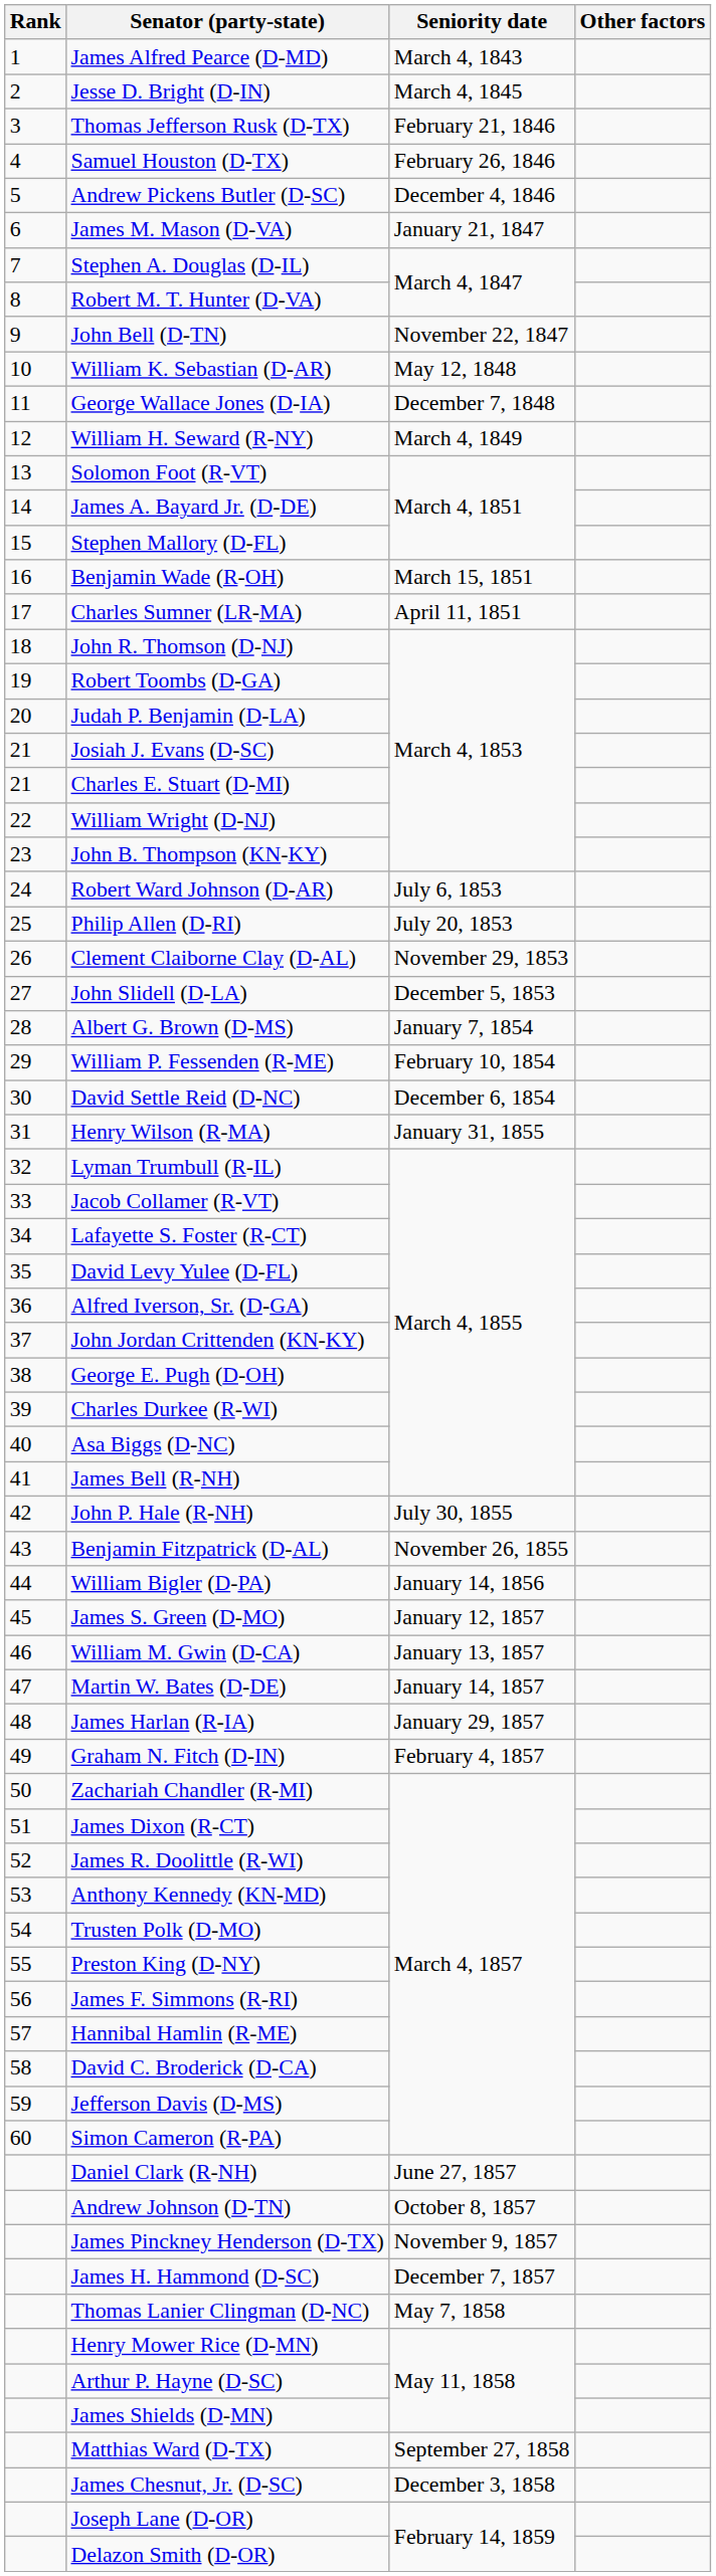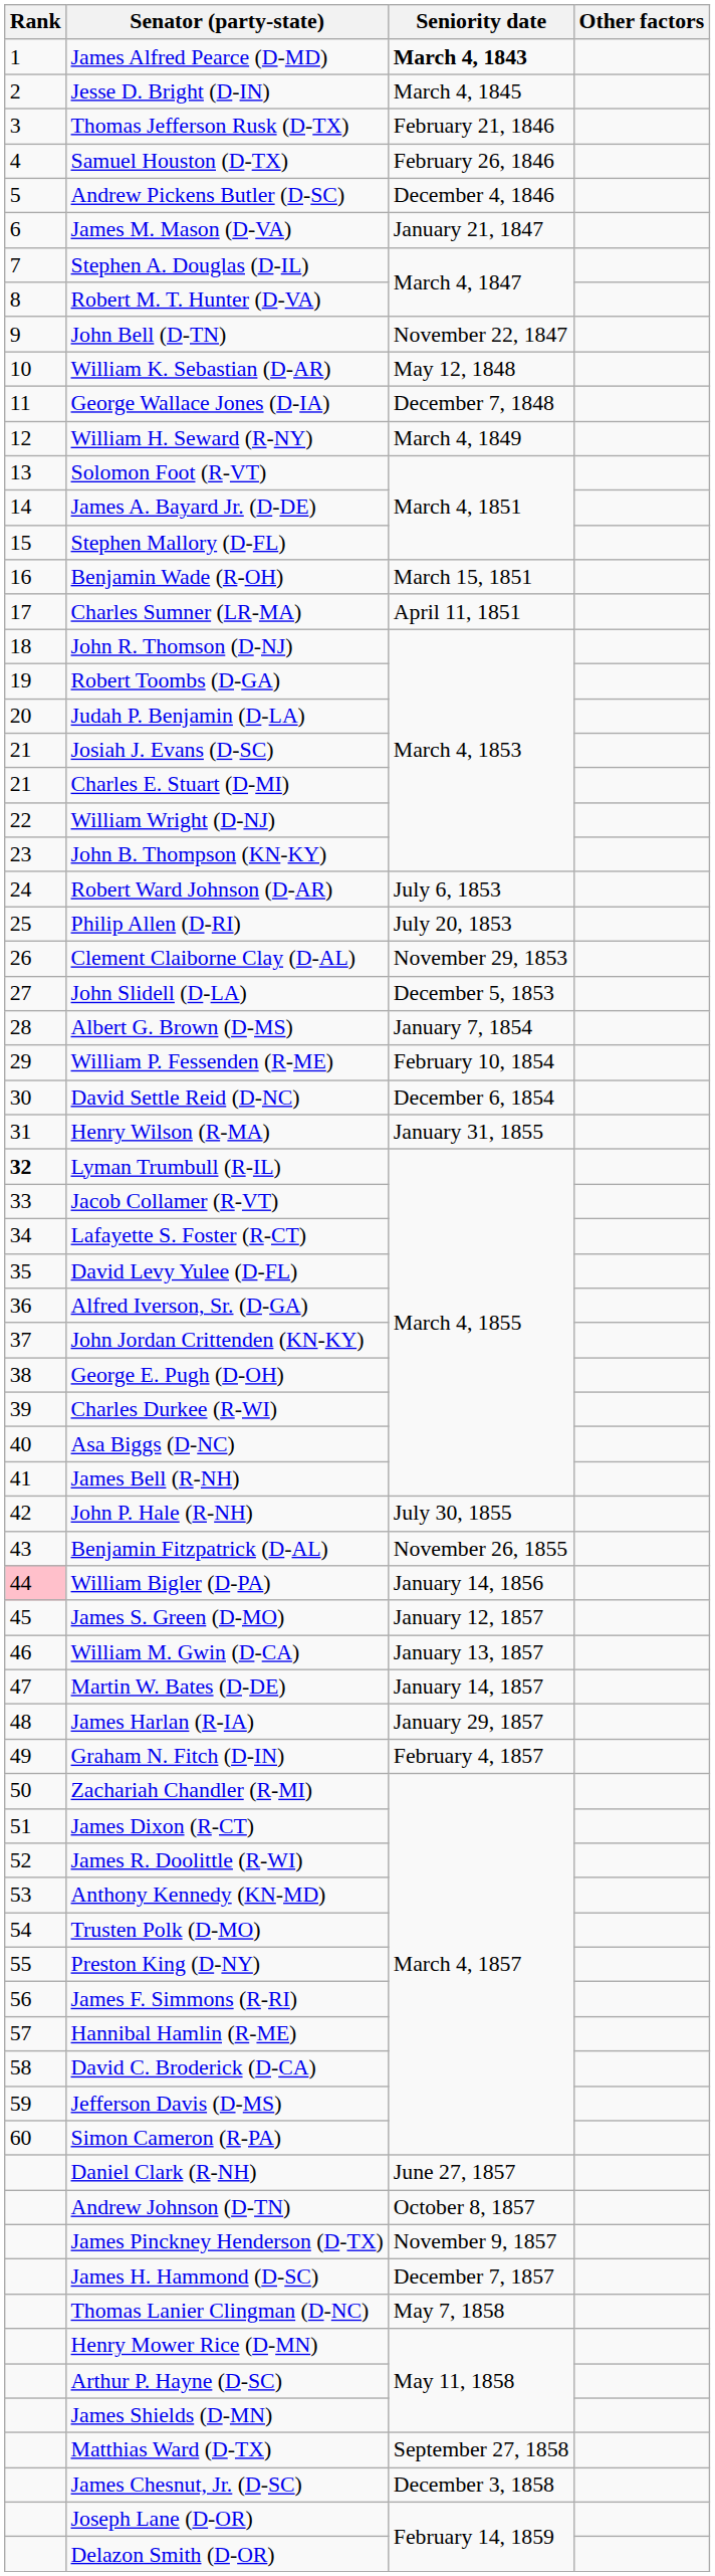 <table class=wikitable>
 <tr valign=bottom>
 <th>Rank</th>
 <th>Senator (party-state)</th>
 <th>Seniority date</th>
 <th>Other factors</th>
 </tr>
 <tr>
 <td>1</td>
 <td><a href='#'>James Alfred Pearce</a> (<a href='#'>D</a>-<a href='#'>MD</a>)</td>
-<td>March 4, 1843</td>
+<td><strong>March 4, 1843</strong></td>
 <td></td>
 </tr>
 <tr>
 <td>2</td>
 <td><a href='#'>Jesse D. Bright</a> (<a href='#'>D</a>-<a href='#'>IN</a>)</td>
 <td>March 4, 1845</td>
 <td></td>
 </tr>
 <tr>
 <td>3</td>
 <td><a href='#'>Thomas Jefferson Rusk</a> (<a href='#'>D</a>-<a href='#'>TX</a>)</td>
 <td>February 21, 1846</td>
 <td></td>
 </tr>
 <tr>
 <td>4</td>
 <td><a href='#'>Samuel Houston</a> (<a href='#'>D</a>-<a href='#'>TX</a>)</td>
 <td>February 26, 1846</td>
 <td></td>
 </tr>
 <tr>
 <td>5</td>
 <td><a href='#'>Andrew Pickens Butler</a> (<a href='#'>D</a>-<a href='#'>SC</a>)</td>
 <td>December 4, 1846</td>
 <td></td>
 </tr>
 <tr>
 <td>6</td>
 <td><a href='#'>James M. Mason</a> (<a href='#'>D</a>-<a href='#'>VA</a>)</td>
 <td>January 21, 1847</td>
 <td></td>
 </tr>
 <tr>
 <td>7</td>
 <td><a href='#'>Stephen A. Douglas</a> (<a href='#'>D</a>-<a href='#'>IL</a>)</td>
 <td rowspan=2>March 4, 1847</td>
 <td></td>
 </tr>
 <tr>
 <td>8</td>
 <td><a href='#'>Robert M. T. Hunter</a> (<a href='#'>D</a>-<a href='#'>VA</a>)</td>
 <td></td>
 </tr>
 <tr>
 <td>9</td>
 <td><a href='#'>John Bell</a> (<a href='#'>D</a>-<a href='#'>TN</a>)</td>
 <td>November 22, 1847</td>
 <td></td>
 </tr>
 <tr>
 <td>10</td>
 <td><a href='#'>William K. Sebastian</a> (<a href='#'>D</a>-<a href='#'>AR</a>)</td>
 <td>May 12, 1848</td>
 <td></td>
 </tr>
 <tr>
 <td>11</td>
 <td><a href='#'>George Wallace Jones</a> (<a href='#'>D</a>-<a href='#'>IA</a>)</td>
 <td>December 7, 1848</td>
 <td></td>
 </tr>
 <tr>
 <td>12</td>
 <td><a href='#'>William H. Seward</a> (<a href='#'>R</a>-<a href='#'>NY</a>)</td>
 <td>March 4, 1849</td>
 <td></td>
 </tr>
 <tr>
 <td>13</td>
 <td><a href='#'>Solomon Foot</a> (<a href='#'>R</a>-<a href='#'>VT</a>)</td>
 <td rowspan=3>March 4, 1851</td>
 <td></td>
 </tr>
 <tr>
 <td>14</td>
 <td><a href='#'>James A. Bayard Jr.</a> (<a href='#'>D</a>-<a href='#'>DE</a>)</td>
 <td></td>
 </tr>
 <tr>
 <td>15</td>
 <td><a href='#'>Stephen Mallory</a> (<a href='#'>D</a>-<a href='#'>FL</a>)</td>
 <td></td>
 </tr>
 <tr>
 <td>16</td>
 <td><a href='#'>Benjamin Wade</a> (<a href='#'>R</a>-<a href='#'>OH</a>)</td>
 <td>March 15, 1851</td>
 <td></td>
 </tr>
 <tr>
 <td>17</td>
 <td><a href='#'>Charles Sumner</a> (<a href='#'>LR</a>-<a href='#'>MA</a>)</td>
 <td>April 11, 1851</td>
 <td></td>
 </tr>
 <tr>
 <td>18</td>
 <td><a href='#'>John R. Thomson</a> (<a href='#'>D</a>-<a href='#'>NJ</a>)</td>
 <td rowspan=7>March 4, 1853</td>
 <td></td>
 </tr>
 <tr>
 <td>19</td>
 <td><a href='#'>Robert Toombs</a> (<a href='#'>D</a>-<a href='#'>GA</a>)</td>
 <td></td>
 </tr>
 <tr>
 <td>20</td>
 <td><a href='#'>Judah P. Benjamin</a> (<a href='#'>D</a>-<a href='#'>LA</a>)</td>
 <td></td>
 </tr>
 <tr>
 <td>21</td>
 <td><a href='#'>Josiah J. Evans</a> (<a href='#'>D</a>-<a href='#'>SC</a>)</td>
 <td></td>
 </tr>
 <tr>
 <td>21</td>
 <td><a href='#'>Charles E. Stuart</a> (<a href='#'>D</a>-<a href='#'>MI</a>)</td>
 <td></td>
 </tr>
 <tr>
 <td>22</td>
 <td><a href='#'>William Wright</a> (<a href='#'>D</a>-<a href='#'>NJ</a>)</td>
 <td></td>
 </tr>
 <tr>
 <td>23</td>
 <td><a href='#'>John B. Thompson</a> (<a href='#'>KN</a>-<a href='#'>KY</a>)</td>
 <td></td>
 </tr>
 <tr>
 <td>24</td>
 <td><a href='#'>Robert Ward Johnson</a> (<a href='#'>D</a>-<a href='#'>AR</a>)</td>
 <td>July 6, 1853</td>
 <td></td>
 </tr>
 <tr>
 <td>25</td>
 <td><a href='#'>Philip Allen</a> (<a href='#'>D</a>-<a href='#'>RI</a>)</td>
 <td>July 20, 1853</td>
 <td></td>
 </tr>
 <tr>
 <td>26</td>
 <td><a href='#'>Clement Claiborne Clay</a> (<a href='#'>D</a>-<a href='#'>AL</a>)</td>
 <td>November 29, 1853</td>
 <td></td>
 </tr>
 <tr>
 <td>27</td>
 <td><a href='#'>John Slidell</a> (<a href='#'>D</a>-<a href='#'>LA</a>)</td>
 <td>December 5, 1853</td>
 <td></td>
 </tr>
 <tr>
 <td>28</td>
 <td><a href='#'>Albert G. Brown</a> (<a href='#'>D</a>-<a href='#'>MS</a>)</td>
 <td>January 7, 1854</td>
 <td></td>
 </tr>
 <tr>
 <td>29</td>
 <td><a href='#'>William P. Fessenden</a> (<a href='#'>R</a>-<a href='#'>ME</a>)</td>
 <td>February 10, 1854</td>
 <td></td>
 </tr>
 <tr>
 <td>30</td>
 <td><a href='#'>David Settle Reid</a> (<a href='#'>D</a>-<a href='#'>NC</a>)</td>
 <td>December 6, 1854</td>
 <td></td>
 </tr>
 <tr>
 <td>31</td>
 <td><a href='#'>Henry Wilson</a> (<a href='#'>R</a>-<a href='#'>MA</a>)</td>
 <td>January 31, 1855</td>
 <td></td>
 </tr>
 <tr>
-<td>32</td>
+<td><strong>32</strong></td>
 <td><a href='#'>Lyman Trumbull</a> (<a href='#'>R</a>-<a href='#'>IL</a>)</td>
 <td rowspan=10>March 4, 1855</td>
 <td></td>
 </tr>
 <tr>
 <td>33</td>
 <td><a href='#'>Jacob Collamer</a> (<a href='#'>R</a>-<a href='#'>VT</a>)</td>
 <td></td>
 </tr>
 <tr>
 <td>34</td>
 <td><a href='#'>Lafayette S. Foster</a> (<a href='#'>R</a>-<a href='#'>CT</a>)</td>
 <td></td>
 </tr>
 <tr>
 <td>35</td>
 <td><a href='#'>David Levy Yulee</a> (<a href='#'>D</a>-<a href='#'>FL</a>)</td>
 <td></td>
 </tr>
 <tr>
 <td>36</td>
 <td><a href='#'>Alfred Iverson, Sr.</a> (<a href='#'>D</a>-<a href='#'>GA</a>)</td>
 <td></td>
 </tr>
 <tr>
 <td>37</td>
 <td><a href='#'>John Jordan Crittenden</a> (<a href='#'>KN</a>-<a href='#'>KY</a>)</td>
 <td></td>
 </tr>
 <tr>
 <td>38</td>
 <td><a href='#'>George E. Pugh</a> (<a href='#'>D</a>-<a href='#'>OH</a>)</td>
 <td></td>
 </tr>
 <tr>
 <td>39</td>
 <td><a href='#'>Charles Durkee</a> (<a href='#'>R</a>-<a href='#'>WI</a>)</td>
 <td></td>
 </tr>
 <tr>
 <td>40</td>
 <td><a href='#'>Asa Biggs</a> (<a href='#'>D</a>-<a href='#'>NC</a>)</td>
 <td></td>
 </tr>
 <tr>
 <td>41</td>
 <td><a href='#'>James Bell</a> (<a href='#'>R</a>-<a href='#'>NH</a>)</td>
 <td></td>
 </tr>
 <tr>
 <td>42</td>
 <td><a href='#'>John P. Hale</a> (<a href='#'>R</a>-<a href='#'>NH</a>)</td>
 <td>July 30, 1855</td>
 <td></td>
 </tr>
 <tr>
 <td>43</td>
 <td><a href='#'>Benjamin Fitzpatrick</a> (<a href='#'>D</a>-<a href='#'>AL</a>)</td>
 <td>November 26, 1855</td>
 <td></td>
 </tr>
 <tr>
-<td>44</td>
+<td style="background: pink;">44</td>
 <td><a href='#'>William Bigler</a> (<a href='#'>D</a>-<a href='#'>PA</a>)</td>
 <td>January 14, 1856</td>
 <td></td>
 </tr>
 <tr>
 <td>45</td>
 <td><a href='#'>James S. Green</a> (<a href='#'>D</a>-<a href='#'>MO</a>)</td>
 <td>January 12, 1857</td>
 <td></td>
 </tr>
 <tr>
 <td>46</td>
 <td><a href='#'>William M. Gwin</a> (<a href='#'>D</a>-<a href='#'>CA</a>)</td>
 <td>January 13, 1857</td>
 <td></td>
 </tr>
 <tr>
 <td>47</td>
 <td><a href='#'>Martin W. Bates</a> (<a href='#'>D</a>-<a href='#'>DE</a>)</td>
 <td>January 14, 1857</td>
 <td></td>
 </tr>
 <tr>
 <td>48</td>
 <td><a href='#'>James Harlan</a> (<a href='#'>R</a>-<a href='#'>IA</a>)</td>
 <td>January 29, 1857</td>
 <td></td>
 </tr>
 <tr>
 <td>49</td>
 <td><a href='#'>Graham N. Fitch</a> (<a href='#'>D</a>-<a href='#'>IN</a>)</td>
 <td>February 4, 1857</td>
 <td></td>
 </tr>
 <tr>
 <td>50</td>
 <td><a href='#'>Zachariah Chandler</a> (<a href='#'>R</a>-<a href='#'>MI</a>)</td>
 <td rowspan=11>March 4, 1857</td>
 <td></td>
 </tr>
 <tr>
 <td>51</td>
 <td><a href='#'>James Dixon</a> (<a href='#'>R</a>-<a href='#'>CT</a>)</td>
 <td></td>
 </tr>
 <tr>
 <td>52</td>
 <td><a href='#'>James R. Doolittle</a> (<a href='#'>R</a>-<a href='#'>WI</a>)</td>
 <td></td>
 </tr>
 <tr>
 <td>53</td>
 <td><a href='#'>Anthony Kennedy</a> (<a href='#'>KN</a>-<a href='#'>MD</a>)</td>
 <td></td>
 </tr>
 <tr>
 <td>54</td>
 <td><a href='#'>Trusten Polk</a> (<a href='#'>D</a>-<a href='#'>MO</a>)</td>
 <td></td>
 </tr>
 <tr>
 <td>55</td>
 <td><a href='#'>Preston King</a> (<a href='#'>D</a>-<a href='#'>NY</a>)</td>
 <td></td>
 </tr>
 <tr>
 <td>56</td>
 <td><a href='#'>James F. Simmons</a> (<a href='#'>R</a>-<a href='#'>RI</a>)</td>
 <td></td>
 </tr>
 <tr>
 <td>57</td>
 <td><a href='#'>Hannibal Hamlin</a> (<a href='#'>R</a>-<a href='#'>ME</a>)</td>
 <td></td>
 </tr>
 <tr>
 <td>58</td>
 <td><a href='#'>David C. Broderick</a> (<a href='#'>D</a>-<a href='#'>CA</a>)</td>
 <td></td>
 </tr>
 <tr>
 <td>59</td>
 <td><a href='#'>Jefferson Davis</a> (<a href='#'>D</a>-<a href='#'>MS</a>)</td>
 <td></td>
 </tr>
 <tr>
 <td>60</td>
 <td><a href='#'>Simon Cameron</a> (<a href='#'>R</a>-<a href='#'>PA</a>)</td>
 <td></td>
 </tr>
 <tr>
 <td></td>
 <td><a href='#'>Daniel Clark</a> (<a href='#'>R</a>-<a href='#'>NH</a>)</td>
 <td>June 27, 1857</td>
 <td></td>
 </tr>
 <tr>
 <td></td>
 <td><a href='#'>Andrew Johnson</a> (<a href='#'>D</a>-<a href='#'>TN</a>)</td>
 <td>October 8, 1857</td>
 <td></td>
 </tr>
 <tr>
 <td></td>
 <td><a href='#'>James Pinckney Henderson</a> (<a href='#'>D</a>-<a href='#'>TX</a>)</td>
 <td>November 9, 1857</td>
 <td></td>
 </tr>
 <tr>
 <td></td>
 <td><a href='#'>James H. Hammond</a> (<a href='#'>D</a>-<a href='#'>SC</a>)</td>
 <td>December 7, 1857</td>
 <td></td>
 </tr>
 <tr>
 <td></td>
 <td><a href='#'>Thomas Lanier Clingman</a> (<a href='#'>D</a>-<a href='#'>NC</a>)</td>
 <td>May 7, 1858</td>
 <td></td>
 </tr>
 <tr>
 <td></td>
 <td><a href='#'>Henry Mower Rice</a> (<a href='#'>D</a>-<a href='#'>MN</a>)</td>
 <td rowspan=3>May 11, 1858</td>
 <td></td>
 </tr>
 <tr>
 <td></td>
 <td><a href='#'>Arthur P. Hayne</a> (<a href='#'>D</a>-<a href='#'>SC</a>)</td>
 <td></td>
 </tr>
 <tr>
 <td></td>
 <td><a href='#'>James Shields</a> (<a href='#'>D</a>-<a href='#'>MN</a>)</td>
 <td></td>
 </tr>
 <tr>
 <td></td>
 <td><a href='#'>Matthias Ward</a> (<a href='#'>D</a>-<a href='#'>TX</a>)</td>
 <td>September 27, 1858</td>
 <td></td>
 </tr>
 <tr>
 <td></td>
 <td><a href='#'>James Chesnut, Jr.</a> (<a href='#'>D</a>-<a href='#'>SC</a>)</td>
 <td>December 3, 1858</td>
 <td></td>
 </tr>
 <tr>
 <td></td>
 <td><a href='#'>Joseph Lane</a> (<a href='#'>D</a>-<a href='#'>OR</a>)</td>
 <td rowspan=2>February 14, 1859</td>
 <td></td>
 </tr>
 <tr>
 <td></td>
 <td><a href='#'>Delazon Smith</a> (<a href='#'>D</a>-<a href='#'>OR</a>)</td>
 <td></td>
 </tr>
 <tr>
 </tr>
 </table>
